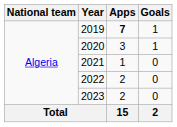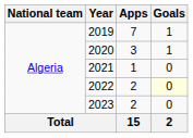 <table class="wikitable" style="text-align: center">
 <tr>
 <th>National team</th>
 <th>Year</th>
 <th>Apps</th>
 <th>Goals</th>
 </tr>
 <tr>
 <td rowspan="5"><a href='#'>Algeria</a></td>
 <td>2019</td>
-<td><strong>7</strong></td>
+<td>7</td>
 <td>1</td>
 </tr>
 <tr>
 <td>2020</td>
 <td>3</td>
 <td>1</td>
 </tr>
 <tr>
 <td>2021</td>
 <td>1</td>
 <td>0</td>
 </tr>
 <tr>
 <td>2022</td>
 <td>2</td>
-<td>0</td>
+<td style="background: lightyellow;">0</td>
 </tr>
 <tr>
 <td>2023</td>
 <td>2</td>
 <td>0</td>
 </tr>
 <tr>
 <th colspan="2">Total</th>
 <th>15</th>
 <th>2</th>
 </tr>
 </table>
